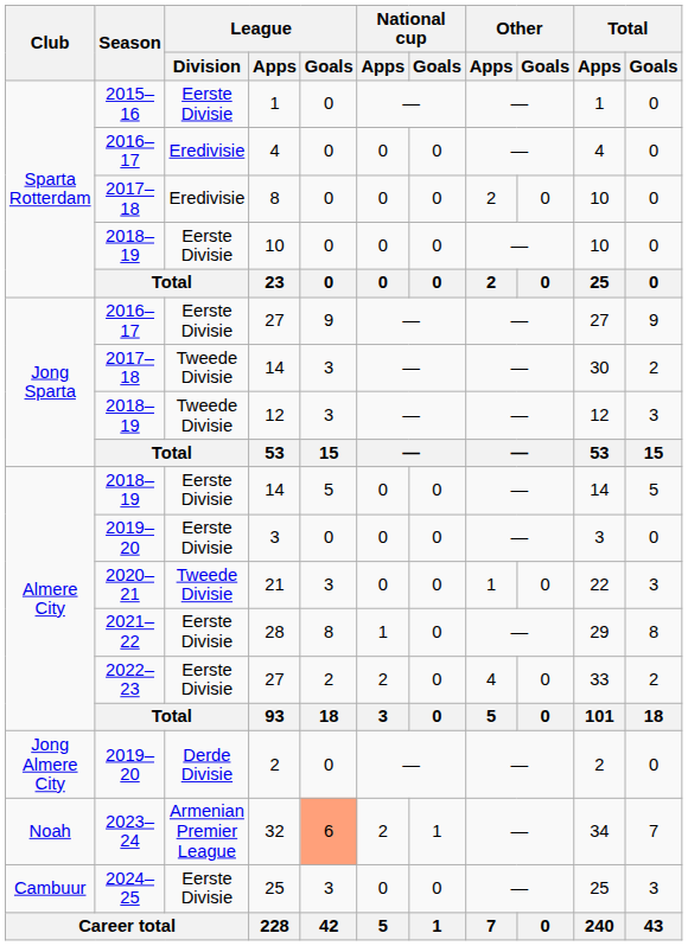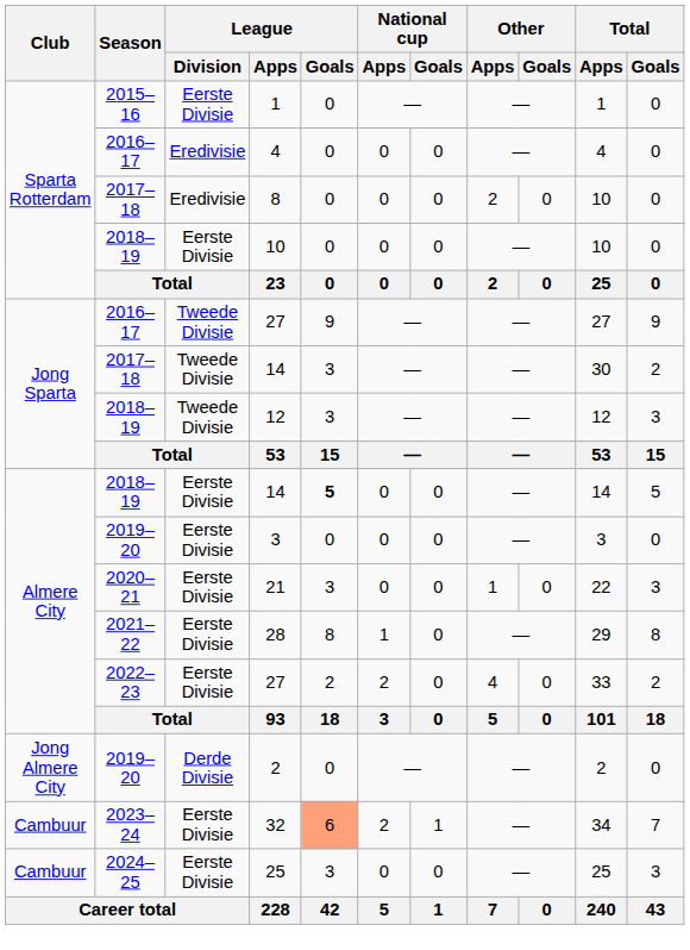 <table class="wikitable" style="text-align:center">
 <tr>
 <th rowspan="2">Club</th>
 <th rowspan="2">Season</th>
 <th colspan="3">League</th>
 <th colspan="2">National cup</th>
 <th colspan="2">Other</th>
 <th colspan="2">Total</th>
 </tr>
 <tr>
 <th>Division</th>
 <th>Apps</th>
 <th>Goals</th>
 <th>Apps</th>
 <th>Goals</th>
 <th>Apps</th>
 <th>Goals</th>
 <th>Apps</th>
 <th>Goals</th>
 </tr>
 <tr>
 <td rowspan="5"><a href='#'>Sparta Rotterdam</a></td>
 <td><a href='#'>2015–16</a></td>
 <td><a href='#'>Eerste Divisie</a></td>
 <td>1</td>
 <td>0</td>
 <td colspan="2">—</td>
 <td colspan="2">—</td>
 <td>1</td>
 <td>0</td>
 </tr>
 <tr>
 <td><a href='#'>2016–17</a></td>
 <td><a href='#'>Eredivisie</a></td>
 <td>4</td>
 <td>0</td>
 <td>0</td>
 <td>0</td>
 <td colspan="2">—</td>
 <td>4</td>
 <td>0</td>
 </tr>
 <tr>
 <td><a href='#'>2017–18</a></td>
 <td>Eredivisie</td>
 <td>8</td>
 <td>0</td>
 <td>0</td>
 <td>0</td>
 <td>2</td>
 <td>0</td>
 <td>10</td>
 <td>0</td>
 </tr>
 <tr>
 <td><a href='#'>2018–19</a></td>
 <td>Eerste Divisie</td>
 <td>10</td>
 <td>0</td>
 <td>0</td>
 <td>0</td>
 <td colspan="2">—</td>
 <td>10</td>
 <td>0</td>
 </tr>
 <tr>
 <th colspan="2">Total</th>
 <th>23</th>
 <th>0</th>
 <th>0</th>
 <th>0</th>
 <th>2</th>
 <th>0</th>
 <th>25</th>
 <th>0</th>
 </tr>
 <tr>
 <td rowspan="4"><a href='#'>Jong Sparta</a></td>
 <td><a href='#'>2016–17</a></td>
-<td>Eerste Divisie</td>
+<td><a href='#'>Tweede Divisie</a></td>
 <td>27</td>
 <td>9</td>
 <td colspan="2">—</td>
 <td colspan="2">—</td>
 <td>27</td>
 <td>9</td>
 </tr>
 <tr>
 <td><a href='#'>2017–18</a></td>
 <td>Tweede Divisie</td>
 <td>14</td>
 <td>3</td>
 <td colspan="2">—</td>
 <td colspan="2">—</td>
 <td>30</td>
 <td>2</td>
 </tr>
 <tr>
 <td><a href='#'>2018–19</a></td>
 <td>Tweede Divisie</td>
 <td>12</td>
 <td>3</td>
 <td colspan="2">—</td>
 <td colspan="2">—</td>
 <td>12</td>
 <td>3</td>
 </tr>
 <tr>
 <th colspan="2">Total</th>
 <th>53</th>
 <th>15</th>
 <th colspan="2">—</th>
 <th colspan="2">—</th>
 <th>53</th>
 <th>15</th>
 </tr>
 <tr>
 <td rowspan="6"><a href='#'>Almere City</a></td>
 <td><a href='#'>2018–19</a></td>
 <td>Eerste Divisie</td>
 <td>14</td>
-<td>5</td>
+<td><strong>5</strong></td>
 <td>0</td>
 <td>0</td>
 <td colspan="2">—</td>
 <td>14</td>
 <td>5</td>
 </tr>
 <tr>
 <td><a href='#'>2019–20</a></td>
 <td>Eerste Divisie</td>
 <td>3</td>
 <td>0</td>
 <td>0</td>
 <td>0</td>
 <td colspan="2">—</td>
 <td>3</td>
 <td>0</td>
 </tr>
 <tr>
 <td><a href='#'>2020–21</a></td>
-<td><a href='#'>Tweede Divisie</a></td>
+<td>Eerste Divisie</td>
 <td>21</td>
 <td>3</td>
 <td>0</td>
 <td>0</td>
 <td>1</td>
 <td>0</td>
 <td>22</td>
 <td>3</td>
 </tr>
 <tr>
 <td><a href='#'>2021–22</a></td>
 <td>Eerste Divisie</td>
 <td>28</td>
 <td>8</td>
 <td>1</td>
 <td>0</td>
 <td colspan="2">—</td>
 <td>29</td>
 <td>8</td>
 </tr>
 <tr>
 <td><a href='#'>2022–23</a></td>
 <td>Eerste Divisie</td>
 <td>27</td>
 <td>2</td>
 <td>2</td>
 <td>0</td>
 <td>4</td>
 <td>0</td>
 <td>33</td>
 <td>2</td>
 </tr>
 <tr>
 <th colspan="2">Total</th>
 <th>93</th>
 <th>18</th>
 <th>3</th>
 <th>0</th>
 <th>5</th>
 <th>0</th>
 <th>101</th>
 <th>18</th>
 </tr>
 <tr>
 <td><a href='#'>Jong Almere City</a></td>
 <td><a href='#'>2019–20</a></td>
 <td><a href='#'>Derde Divisie</a></td>
 <td>2</td>
 <td>0</td>
 <td colspan="2">—</td>
 <td colspan="2">—</td>
 <td>2</td>
 <td>0</td>
 </tr>
 <tr>
-<td><a href='#'>Noah</a></td>
+<td rowspan="1"><a href='#'>Cambuur</a></td>
 <td><a href='#'>2023–24</a></td>
-<td><a href='#'>Armenian Premier League</a></td>
+<td>Eerste Divisie</td>
 <td>32</td>
 <td style="background: lightsalmon;">6</td>
 <td>2</td>
 <td>1</td>
 <td colspan="2">—</td>
 <td>34</td>
 <td>7</td>
 </tr>
 <tr>
 <td rowspan="1"><a href='#'>Cambuur</a></td>
 <td><a href='#'>2024–25</a></td>
 <td>Eerste Divisie</td>
 <td>25</td>
 <td>3</td>
 <td>0</td>
 <td>0</td>
 <td colspan="2">—</td>
 <td>25</td>
 <td>3</td>
 </tr>
 <tr>
 <th colspan="3">Career total</th>
 <th>228</th>
 <th>42</th>
 <th>5</th>
 <th>1</th>
 <th>7</th>
 <th>0</th>
 <th>240</th>
 <th>43</th>
 </tr>
 </table>
